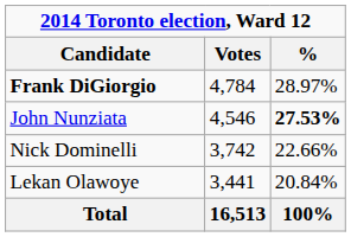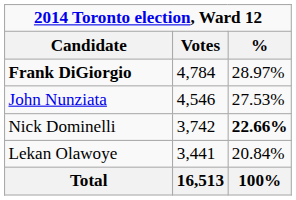 <table class="wikitable">
 <tr>
 <td Colspan="3" align="center"><strong><a href='#'>2014 Toronto election</a>, Ward 12</strong></td>
 </tr>
 <tr>
 <th width="150px">Candidate</th>
 <th>Votes</th>
 <th>%</th>
 </tr>
 <tr>
 <td><strong>Frank DiGiorgio</strong></td>
 <td>4,784</td>
 <td>28.97%</td>
 </tr>
 <tr>
 <td><a href='#'>John Nunziata</a></td>
 <td>4,546</td>
-<td><strong>27.53%</strong></td>
+<td>27.53%</td>
 </tr>
 <tr>
 <td>Nick Dominelli</td>
 <td>3,742</td>
-<td>22.66%</td>
+<td><strong>22.66%</strong></td>
 </tr>
 <tr>
 <td>Lekan Olawoye</td>
 <td>3,441</td>
 <td>20.84%</td>
 </tr>
 <tr>
 <th>Total</th>
 <th>16,513</th>
 <th>100%</th>
 </tr>
 </table>
